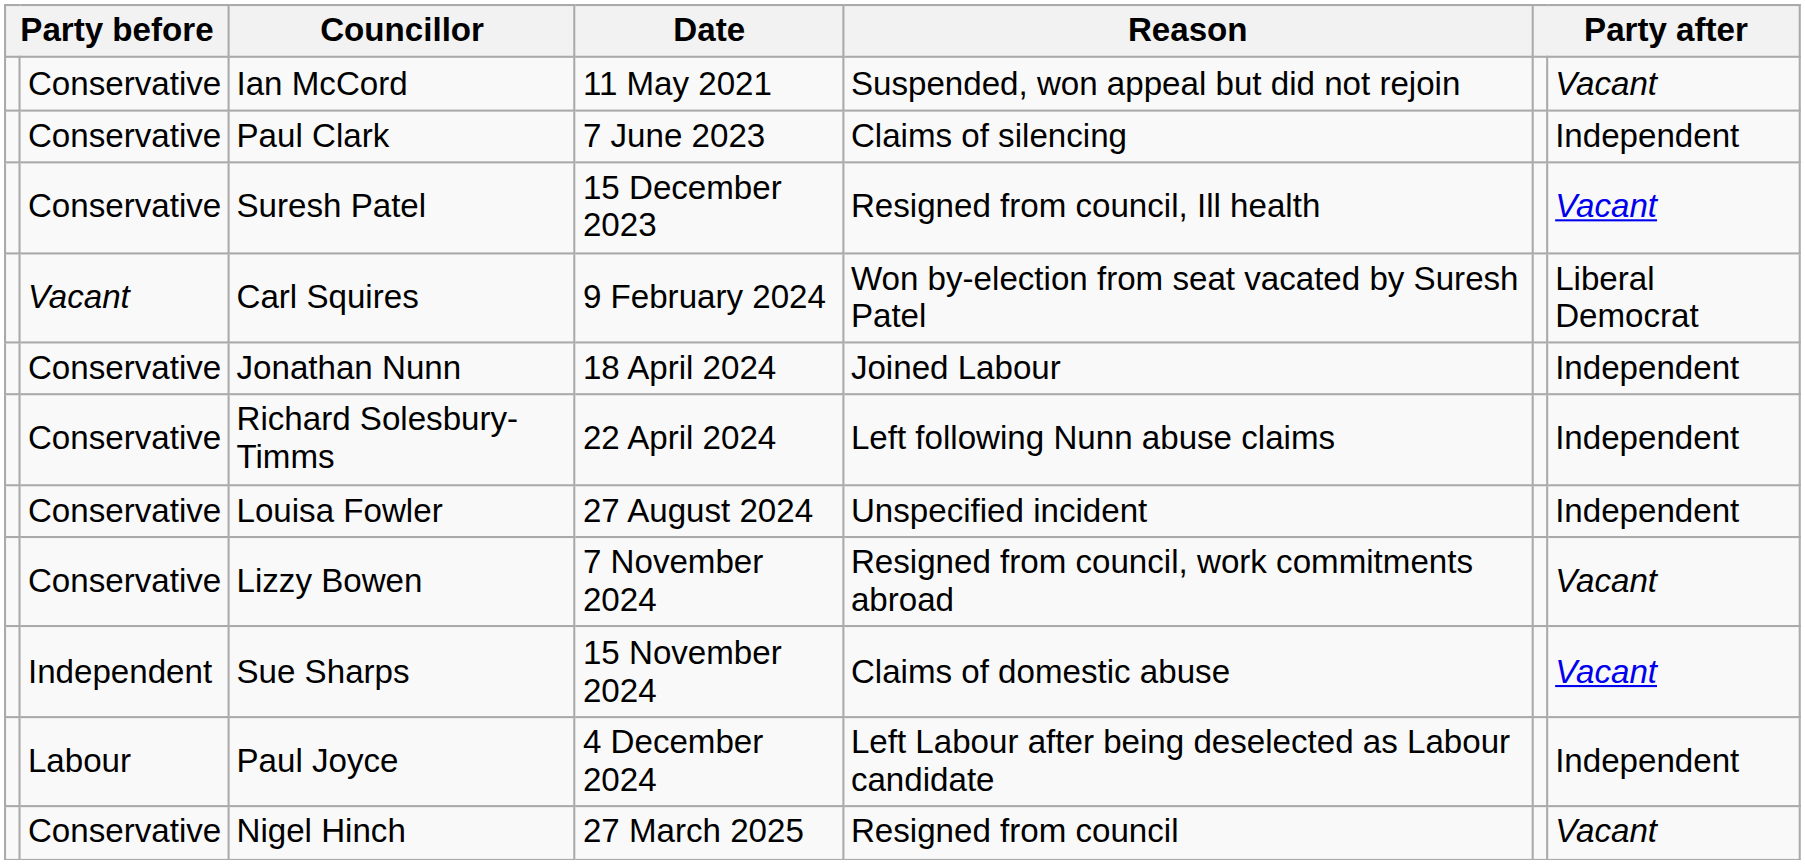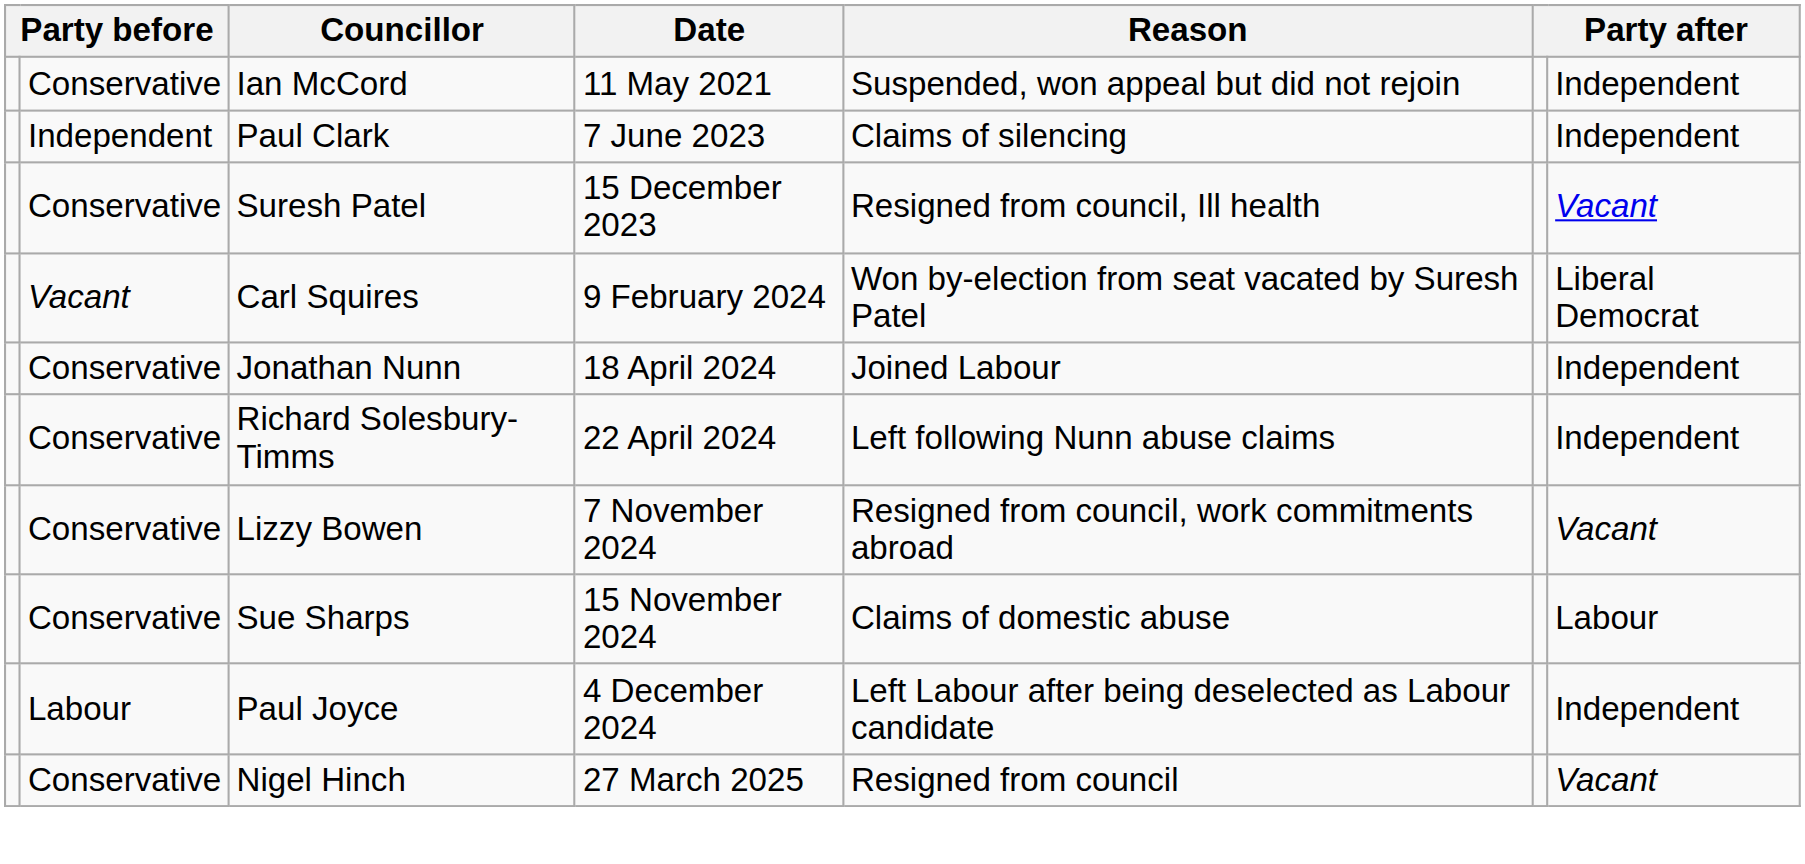 <table class="wikitable">
 <tr>
 <th colspan="2">Party before</th>
 <th>Councillor</th>
 <th>Date</th>
 <th>Reason</th>
 <th colspan="2">Party after</th>
 </tr>
 <tr>
 <td style="background:"></td>
 <td>Conservative</td>
 <td>Ian McCord</td>
 <td>11 May 2021</td>
 <td>Suspended, won appeal but did not rejoin</td>
 <td style="background:"></td>
-<td><em>Vacant</em></td>
+<td>Independent</td>
 </tr>
 <tr>
 <td style="background:"></td>
-<td>Conservative</td>
+<td>Independent</td>
 <td>Paul Clark</td>
 <td>7 June 2023</td>
 <td>Claims of silencing</td>
 <td style="background:"></td>
 <td>Independent</td>
 </tr>
 <tr>
 <td style="background:"></td>
 <td>Conservative</td>
 <td>Suresh Patel</td>
 <td>15 December 2023</td>
 <td>Resigned from council, Ill health</td>
 <td style="background:"></td>
 <td><em><a href='#'>Vacant</a></em></td>
 </tr>
 <tr>
 <td style="background:"></td>
 <td><em>Vacant</em></td>
 <td>Carl Squires</td>
 <td>9 February 2024</td>
 <td>Won by-election from seat vacated by Suresh Patel</td>
 <td style="background:"></td>
 <td>Liberal Democrat</td>
 </tr>
 <tr>
 <td style="background:"></td>
 <td>Conservative</td>
 <td>Jonathan Nunn</td>
 <td>18 April 2024</td>
 <td>Joined Labour</td>
 <td style="background:"></td>
 <td>Independent</td>
 </tr>
 <tr>
 <td style="background:"></td>
 <td>Conservative</td>
 <td>Richard Solesbury-Timms</td>
 <td>22 April 2024</td>
 <td>Left following Nunn abuse claims</td>
 <td style="background:"></td>
 <td>Independent</td>
 </tr>
 <tr>
 <td style="background:"></td>
 <td>Conservative</td>
-<td>Louisa Fowler</td>
-<td>27 August 2024</td>
-<td>Unspecified incident</td>
-<td style="background:"></td>
-<td>Independent</td>
-</tr>
-<tr>
-<td style="background:"></td>
-<td>Conservative</td>
 <td>Lizzy Bowen</td>
 <td>7 November 2024</td>
 <td>Resigned from council, work commitments abroad</td>
 <td style="background:"></td>
 <td><em>Vacant</em></td>
 </tr>
 <tr>
 <td style="background:"></td>
-<td>Independent</td>
+<td>Conservative</td>
 <td>Sue Sharps</td>
 <td>15 November 2024</td>
 <td>Claims of domestic abuse</td>
 <td style="background:"></td>
-<td><em><a href='#'>Vacant</a></em></td>
+<td>Labour</td>
 </tr>
 <tr>
 <td style="background:"></td>
 <td>Labour</td>
 <td>Paul Joyce</td>
 <td>4 December 2024</td>
 <td>Left Labour after being deselected as Labour candidate</td>
 <td style="background:"></td>
 <td>Independent</td>
 </tr>
 <tr>
 <td style="background:"></td>
 <td>Conservative</td>
 <td>Nigel Hinch</td>
 <td>27 March 2025</td>
 <td>Resigned from council</td>
 <td style="background:"></td>
 <td><em>Vacant</em></td>
 </tr>
 </table>
